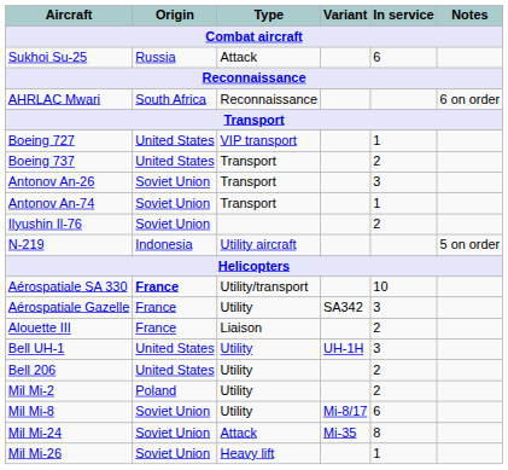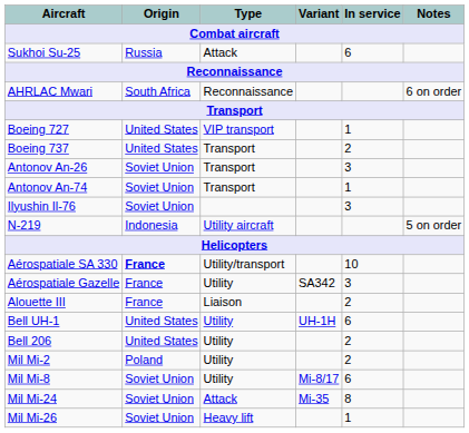 <table class="wikitable">
 <tr>
 <th style="text-align:center; background:#acc;">Aircraft</th>
 <th style="text-align: center; background:#acc;">Origin</th>
 <th style="text-align:l center; background:#acc;">Type</th>
 <th style="text-align:left; background:#acc;">Variant</th>
 <th style="text-align:center; background:#acc;">In service</th>
 <th style="text-align: center; background:#acc;">Notes</th>
 </tr>
 <tr>
 <th style="align: center; background: lavender;" colspan="7"><a href='#'>Combat aircraft</a></th>
 </tr>
 <tr>
 <td><a href='#'>Sukhoi Su-25</a></td>
 <td><a href='#'>Russia</a></td>
 <td>Attack</td>
 <td></td>
 <td>6</td>
 <td></td>
 </tr>
 <tr>
 <th style="align: center; background: lavender;" colspan="7"><a href='#'>Reconnaissance</a></th>
 </tr>
 <tr>
 <td><a href='#'>AHRLAC Mwari</a></td>
 <td><a href='#'>South Africa</a></td>
 <td>Reconnaissance</td>
 <td></td>
 <td></td>
 <td>6 on order</td>
 </tr>
 <tr>
 <th style="align: center; background: lavender;" colspan="7"><a href='#'>Transport</a></th>
 </tr>
 <tr>
 <td><a href='#'>Boeing 727</a></td>
 <td><a href='#'>United States</a></td>
 <td><a href='#'>VIP transport</a></td>
 <td></td>
 <td>1</td>
 <td></td>
 </tr>
 <tr>
 <td><a href='#'>Boeing 737</a></td>
 <td><a href='#'>United States</a></td>
 <td>Transport</td>
 <td></td>
 <td>2</td>
 <td></td>
 </tr>
 <tr>
 <td><a href='#'>Antonov An-26</a></td>
 <td><a href='#'>Soviet Union</a></td>
 <td>Transport</td>
 <td></td>
 <td>3</td>
 <td></td>
 </tr>
 <tr>
 <td><a href='#'>Antonov An-74</a></td>
 <td><a href='#'>Soviet Union</a></td>
 <td>Transport</td>
 <td></td>
 <td>1</td>
 <td></td>
 </tr>
 <tr>
 <td><a href='#'>Ilyushin Il-76</a></td>
 <td><a href='#'>Soviet Union</a></td>
 <td></td>
 <td></td>
-<td>2</td>
+<td>3</td>
 <td></td>
 </tr>
 <tr>
 <td><a href='#'>N-219</a></td>
 <td><a href='#'>Indonesia</a></td>
 <td><a href='#'>Utility aircraft</a></td>
 <td></td>
 <td></td>
 <td>5 on order</td>
 </tr>
 <tr>
 <th style="align: center; background: lavender;" colspan="7"><a href='#'>Helicopters</a></th>
 </tr>
 <tr>
 <td><a href='#'>Aérospatiale SA 330</a></td>
 <td><strong><a href='#'>France</a></strong></td>
 <td>Utility/transport</td>
 <td></td>
 <td>10</td>
 <td></td>
 </tr>
 <tr>
 <td><a href='#'>Aérospatiale Gazelle</a></td>
 <td><a href='#'>France</a></td>
 <td>Utility</td>
 <td>SA342</td>
 <td>3</td>
 <td></td>
 </tr>
 <tr>
 <td><a href='#'>Alouette III</a></td>
 <td><a href='#'>France</a></td>
 <td>Liaison</td>
 <td></td>
 <td>2</td>
 <td></td>
 </tr>
 <tr>
 <td><a href='#'>Bell UH-1</a></td>
 <td><a href='#'>United States</a></td>
 <td><a href='#'>Utility</a></td>
 <td><a href='#'>UH-1H</a></td>
-<td>3</td>
+<td>6</td>
 <td></td>
 </tr>
 <tr>
 <td><a href='#'>Bell 206</a></td>
 <td><a href='#'>United States</a></td>
 <td>Utility</td>
 <td></td>
 <td>2</td>
 <td></td>
 </tr>
 <tr>
 <td><a href='#'>Mil Mi-2</a></td>
 <td><a href='#'>Poland</a></td>
 <td>Utility</td>
 <td></td>
 <td>2</td>
 <td></td>
 </tr>
 <tr>
 <td><a href='#'>Mil Mi-8</a></td>
 <td><a href='#'>Soviet Union</a></td>
 <td>Utility</td>
 <td><a href='#'>Mi-8/17</a></td>
 <td>6</td>
 <td></td>
 </tr>
 <tr>
 <td><a href='#'>Mil Mi-24</a></td>
 <td><a href='#'>Soviet Union</a></td>
 <td><a href='#'>Attack</a></td>
 <td><a href='#'>Mi-35</a></td>
 <td>8</td>
 <td></td>
 </tr>
 <tr>
 <td><a href='#'>Mil Mi-26</a></td>
 <td><a href='#'>Soviet Union</a></td>
 <td><a href='#'>Heavy lift</a></td>
 <td></td>
 <td>1</td>
 <td></td>
 </tr>
 </table>
